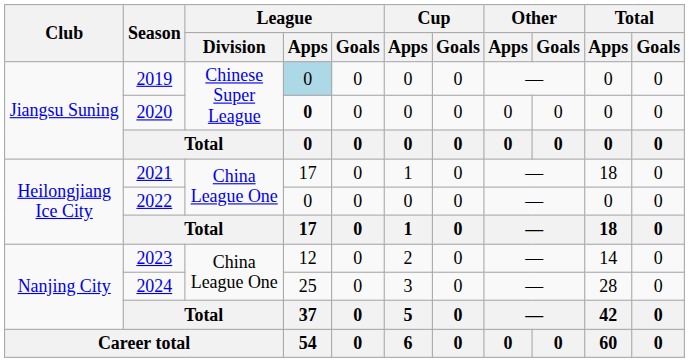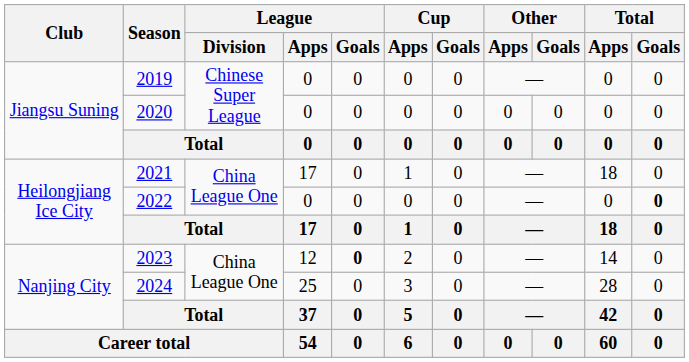 <table class="wikitable" style="text-align: center">
 <tr>
 <th rowspan="2">Club</th>
 <th rowspan="2">Season</th>
 <th colspan="3">League</th>
 <th colspan="2">Cup</th>
 <th colspan="2">Other</th>
 <th colspan="2">Total</th>
 </tr>
 <tr>
 <th>Division</th>
 <th>Apps</th>
 <th>Goals</th>
 <th>Apps</th>
 <th>Goals</th>
 <th>Apps</th>
 <th>Goals</th>
 <th>Apps</th>
 <th>Goals</th>
 </tr>
 <tr>
 <td rowspan="3"><a href='#'>Jiangsu Suning</a></td>
 <td><a href='#'>2019</a></td>
 <td rowspan="2"><a href='#'>Chinese Super League</a></td>
-<td style="background: lightblue;">0</td>
+<td>0</td>
 <td>0</td>
 <td>0</td>
 <td>0</td>
 <td colspan="2">—</td>
 <td>0</td>
 <td>0</td>
 </tr>
 <tr>
 <td><a href='#'>2020</a></td>
-<td><strong>0</strong></td>
+<td>0</td>
 <td>0</td>
 <td>0</td>
 <td>0</td>
 <td>0</td>
 <td>0</td>
 <td>0</td>
 <td>0</td>
 </tr>
 <tr>
 <th colspan=2>Total</th>
 <th>0</th>
 <th>0</th>
 <th>0</th>
 <th>0</th>
 <th>0</th>
 <th>0</th>
 <th>0</th>
 <th>0</th>
 </tr>
 <tr>
 <td rowspan="3"><a href='#'>Heilongjiang Ice City</a></td>
 <td><a href='#'>2021</a></td>
 <td rowspan="2"><a href='#'>China League One</a></td>
 <td>17</td>
 <td>0</td>
 <td>1</td>
 <td>0</td>
 <td colspan="2">—</td>
 <td>18</td>
 <td>0</td>
 </tr>
 <tr>
 <td><a href='#'>2022</a></td>
 <td>0</td>
 <td>0</td>
 <td>0</td>
 <td>0</td>
 <td colspan="2">—</td>
 <td>0</td>
-<td>0</td>
+<td><strong>0</strong></td>
 </tr>
 <tr>
 <th colspan=2>Total</th>
 <th>17</th>
 <th>0</th>
 <th>1</th>
 <th>0</th>
 <th colspan="2">—</th>
 <th>18</th>
 <th>0</th>
 </tr>
 <tr>
 <td rowspan="3"><a href='#'>Nanjing City</a></td>
 <td><a href='#'>2023</a></td>
 <td rowspan="2">China League One</td>
 <td>12</td>
-<td>0</td>
+<td><strong>0</strong></td>
 <td>2</td>
 <td>0</td>
 <td colspan="2">—</td>
 <td>14</td>
 <td>0</td>
 </tr>
 <tr>
 <td><a href='#'>2024</a></td>
 <td>25</td>
 <td>0</td>
 <td>3</td>
 <td>0</td>
 <td colspan="2">—</td>
 <td>28</td>
 <td>0</td>
 </tr>
 <tr>
 <th colspan=2>Total</th>
 <th>37</th>
 <th>0</th>
 <th>5</th>
 <th>0</th>
 <th colspan="2">—</th>
 <th>42</th>
 <th>0</th>
 </tr>
 <tr>
 <th colspan=3>Career total</th>
 <th>54</th>
 <th>0</th>
 <th>6</th>
 <th>0</th>
 <th>0</th>
 <th>0</th>
 <th>60</th>
 <th>0</th>
 </tr>
 </table>
